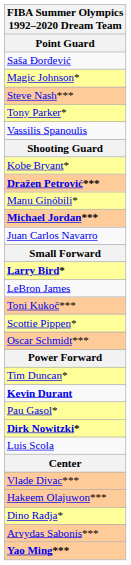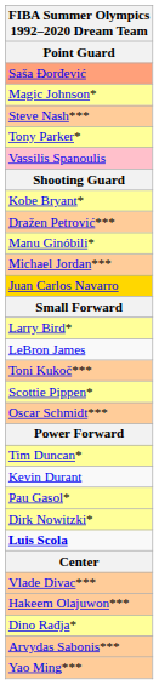 <table class="wikitable" style="text-align:lft;">
 <tr>
 <th colspan="2">FIBA Summer Olympics <br>1992–2020 Dream Team</th>
 </tr>
 <tr>
 <th colspan="2">Point Guard</th>
 </tr>
 <tr>
-<td> <a href='#'>Saša Đorđević</a></td>
+<td style="background: lightsalmon;"> <a href='#'>Saša Đorđević</a></td>
 </tr>
 <tr>
 <td scope="row" style="background-color:#FFFF99; align=left"> <a href='#'>Magic Johnson</a>*</td>
 </tr>
 <tr>
 <td scope="row" style="background-color:#FFCC99; align=left"> <a href='#'>Steve Nash</a>***</td>
 </tr>
 <tr>
 <td scope="row" style="background-color:#FFFF99; align=left"> <a href='#'>Tony Parker</a>*</td>
 </tr>
 <tr>
-<td> <a href='#'>Vassilis Spanoulis</a></td>
+<td style="background: pink;"> <a href='#'>Vassilis Spanoulis</a></td>
 </tr>
 <tr>
 <th colspan="2">Shooting Guard</th>
 </tr>
 <tr>
 <td scope="row" style="background-color:#FFFF99; align=left"> <a href='#'>Kobe Bryant</a>*</td>
 </tr>
 <tr>
-<td scope="row" style="background-color:#FFCC99; align=left"><strong> <a href='#'>Dražen Petrović</a>***</strong></td>
+<td scope="row" style="background-color:#FFCC99; align=left"> <a href='#'>Dražen Petrović</a>***</td>
 </tr>
 <tr>
 <td scope="row" style="background-color:#FFFF99; align=left"> <a href='#'>Manu Ginóbili</a>*</td>
 </tr>
 <tr>
-<td scope="row" style="background-color:#FFCC99; align=left"><strong> <a href='#'>Michael Jordan</a>***</strong></td>
+<td scope="row" style="background-color:#FFCC99; align=left"> <a href='#'>Michael Jordan</a>***</td>
 </tr>
 <tr>
-<td> <a href='#'>Juan Carlos Navarro</a></td>
+<td style="background: gold;"> <a href='#'>Juan Carlos Navarro</a></td>
 </tr>
 <tr>
 <th colspan="2">Small Forward</th>
 </tr>
 <tr>
-<td scope="row" style="background-color:#FFFF99; align=left"><strong> <a href='#'>Larry Bird</a>*</strong></td>
+<td scope="row" style="background-color:#FFFF99; align=left"> <a href='#'>Larry Bird</a>*</td>
 </tr>
 <tr>
 <td> <a href='#'>LeBron James</a></td>
 </tr>
 <tr>
 <td scope="row" style="background-color:#FFCC99; align=left"> <a href='#'>Toni Kukoč</a>***</td>
 </tr>
 <tr>
 <td scope="row" style="background-color:#FFFF99; align=left"> <a href='#'>Scottie Pippen</a>*</td>
 </tr>
 <tr>
 <td scope="row" style="background-color:#FFCC99; align=left"> <a href='#'>Oscar Schmidt</a>***</td>
 </tr>
 <tr>
 <th colspan="2">Power Forward</th>
 </tr>
 <tr>
 <td scope="row" style="background-color:#FFFF99; align=left"> <a href='#'>Tim Duncan</a>*</td>
 </tr>
 <tr>
-<td><strong> <a href='#'>Kevin Durant</a></strong></td>
+<td> <a href='#'>Kevin Durant</a></td>
 </tr>
 <tr>
 <td scope="row" style="background-color:#FFFF99; align=left"> <a href='#'>Pau Gasol</a>*</td>
 </tr>
 <tr>
-<td scope="row" style="background-color:#FFFF99; align=left"><strong> <a href='#'>Dirk Nowitzki</a>*</strong></td>
+<td scope="row" style="background-color:#FFFF99; align=left"> <a href='#'>Dirk Nowitzki</a>*</td>
 </tr>
 <tr>
-<td> <a href='#'>Luis Scola</a></td>
+<td><strong> <a href='#'>Luis Scola</a></strong></td>
 </tr>
 <tr>
 <th colspan="2">Center</th>
 </tr>
 <tr>
 <td scope="row" style="background-color:#FFCC99; align=left"> <a href='#'>Vlade Divac</a>***</td>
 </tr>
 <tr>
 <td scope="row" style="background-color:#FFCC99; align=left"> <a href='#'>Hakeem Olajuwon</a>***</td>
 </tr>
 <tr>
 <td scope="row" style="background-color:#FFFF99; align=left"> <a href='#'>Dino Rađja</a>*</td>
 </tr>
 <tr>
 <td scope="row" style="background-color:#FFCC99; align=left"> <a href='#'>Arvydas Sabonis</a>***</td>
 </tr>
 <tr>
-<td scope="row" style="background-color:#FFCC99; align=left"><strong> <a href='#'>Yao Ming</a>***</strong></td>
+<td scope="row" style="background-color:#FFCC99; align=left"> <a href='#'>Yao Ming</a>***</td>
 </tr>
 </table>
